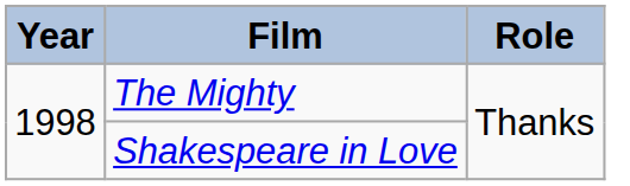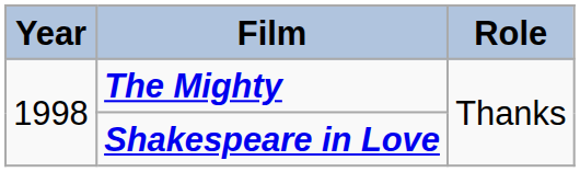 <table class="wikitable" style="font-size:95%;">
 <tr>
 <th style="background:#B0C4DE;">Year</th>
 <th style="background:#B0C4DE;">Film</th>
 <th style="background:#B0C4DE;">Role</th>
 </tr>
 <tr>
 <td rowspan=2>1998</td>
-<td><em><a href='#'>The Mighty</a></em></td>
+<td><strong><em><a href='#'>The Mighty</a></em></strong></td>
 <td rowspan=2>Thanks</td>
 </tr>
 <tr>
-<td><em><a href='#'>Shakespeare in Love</a></em></td>
+<td><strong><em><a href='#'>Shakespeare in Love</a></em></strong></td>
 </tr>
 </table>
